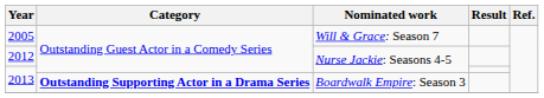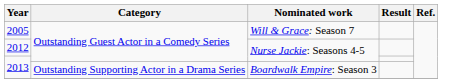 <table class="wikitable">
 <tr>
 <th>Year</th>
 <th>Category</th>
 <th>Nominated work</th>
 <th>Result</th>
 <th>Ref.</th>
 </tr>
 <tr>
 <td><a href='#'>2005</a></td>
 <td rowspan="3"><a href='#'>Outstanding Guest Actor in a Comedy Series</a></td>
 <td><em><a href='#'>Will & Grace</a>:</em> Season 7</td>
 <td></td>
 <td rowspan="4"></td>
 </tr>
 <tr>
 <td><a href='#'>2012</a></td>
 <td rowspan="2"><em><a href='#'>Nurse Jackie</a></em>: Seasons 4-5</td>
 <td></td>
 </tr>
 <tr>
 <td rowspan="2"><a href='#'>2013</a></td>
 <td></td>
 </tr>
 <tr>
-<td><strong><a href='#'>Outstanding Supporting Actor in a Drama Series</a></strong></td>
+<td><a href='#'>Outstanding Supporting Actor in a Drama Series</a></td>
 <td><em><a href='#'>Boardwalk Empire</a></em>: Season 3</td>
 <td></td>
 </tr>
 <tr>
 </tr>
 </table>
